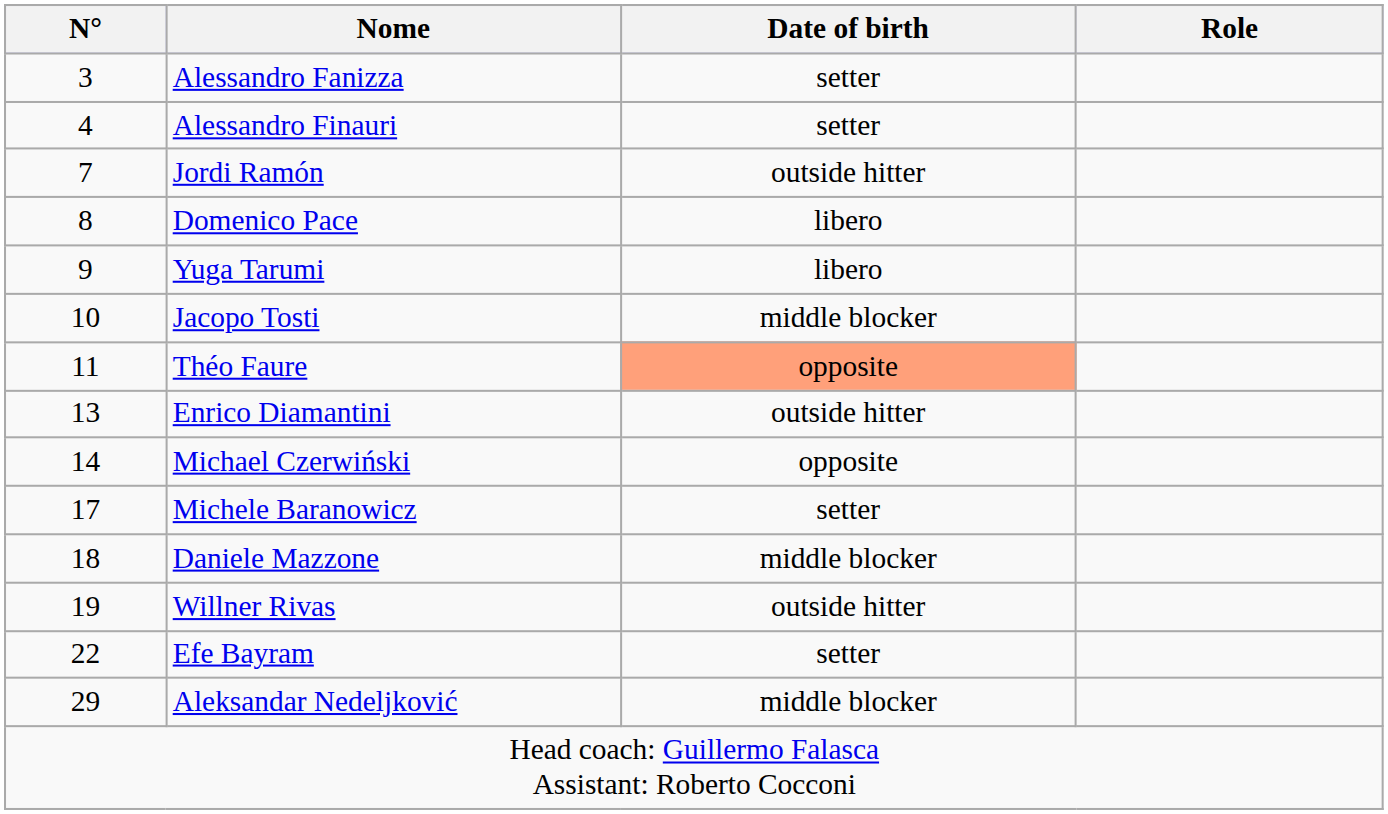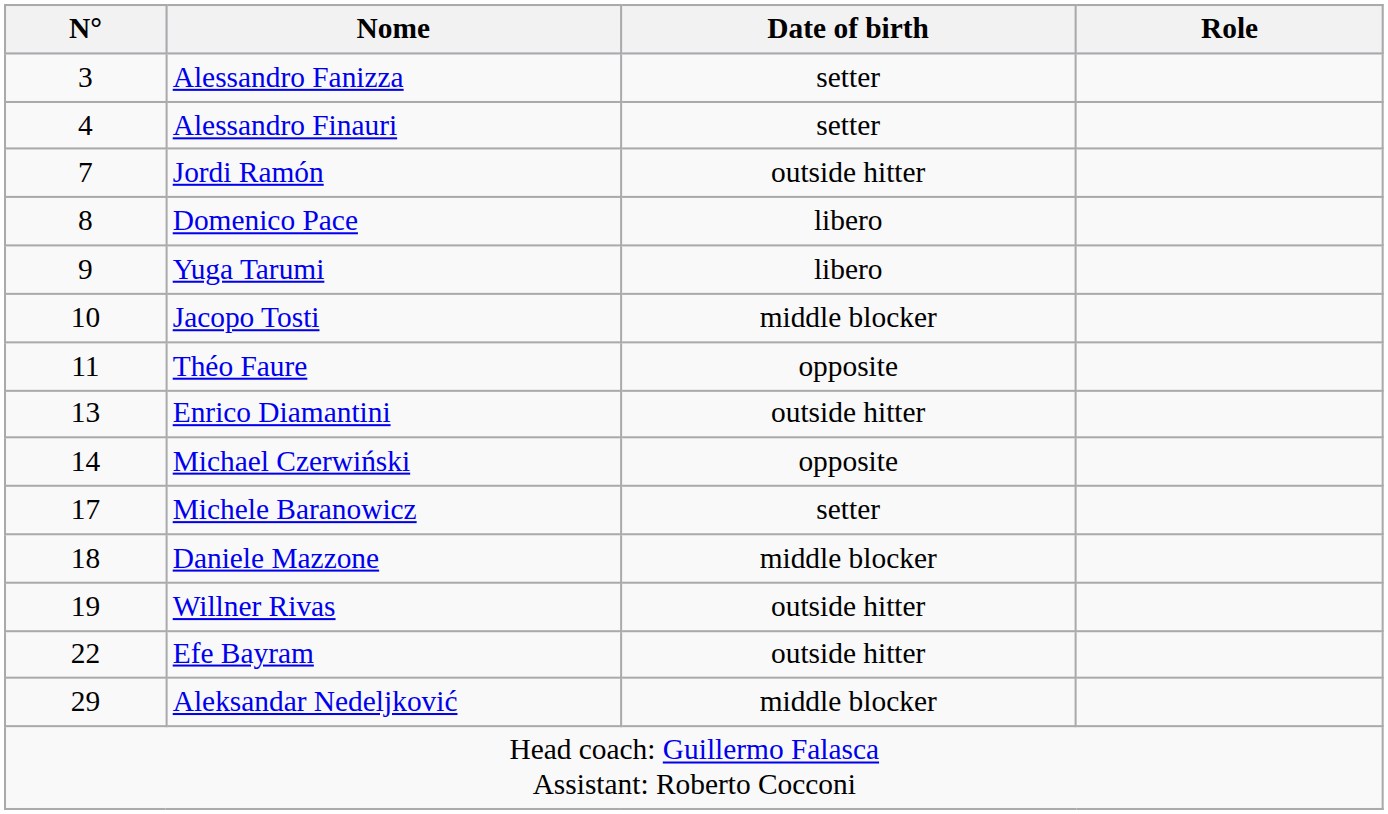 <table class="wikitable" style="font-size:91%; text-align:center;">
 <tr bgcolor=#AAAAFF>
 <th style="width:5em;">N°</th>
 <th style="width:15em;">Nome</th>
 <th style="width:15em;">Date of birth</th>
 <th style="width:10em;">Role</th>
 </tr>
 <tr>
 <td>3</td>
 <td align=left>  <a href='#'>Alessandro Fanizza</a></td>
 <td>setter</td>
 <td></td>
 </tr>
 <tr>
 <td>4</td>
 <td align=left> <a href='#'>Alessandro Finauri</a></td>
 <td>setter</td>
 <td></td>
 </tr>
 <tr>
 <td>7</td>
 <td align=left>  <a href='#'>Jordi Ramón</a></td>
 <td>outside hitter</td>
 <td></td>
 </tr>
 <tr>
 <td>8</td>
 <td align=left> <a href='#'>Domenico Pace</a></td>
 <td>libero</td>
 <td></td>
 </tr>
 <tr>
 <td>9</td>
 <td align=left> <a href='#'>Yuga Tarumi</a></td>
 <td>libero</td>
 <td></td>
 </tr>
 <tr>
 <td>10</td>
 <td align=left> <a href='#'>Jacopo Tosti</a></td>
 <td>middle blocker</td>
 <td></td>
 </tr>
 <tr>
 <td>11</td>
 <td align=left>  <a href='#'>Théo Faure</a></td>
-<td style="background: lightsalmon;">opposite</td>
+<td>opposite</td>
 <td></td>
 </tr>
 <tr>
 <td>13</td>
 <td align=left> <a href='#'>Enrico Diamantini</a></td>
 <td>outside hitter</td>
 <td></td>
 </tr>
 <tr>
 <td>14</td>
 <td align=left> <a href='#'>Michael Czerwiński</a></td>
 <td>opposite</td>
 <td></td>
 </tr>
 <tr>
 <td>17</td>
 <td align=left> <a href='#'>Michele Baranowicz</a></td>
 <td>setter</td>
 <td></td>
 </tr>
 <tr>
 <td>18</td>
 <td align=left> <a href='#'>Daniele Mazzone</a></td>
 <td>middle blocker</td>
 <td></td>
 </tr>
 <tr>
 <td>19</td>
 <td align=left>  <a href='#'>Willner Rivas</a></td>
 <td>outside hitter</td>
 <td></td>
 </tr>
 <tr>
 <td>22</td>
 <td align=left> <a href='#'>Efe Bayram</a></td>
-<td>setter</td>
+<td>outside hitter</td>
 <td></td>
 </tr>
 <tr>
 <td>29</td>
 <td align=left> <a href='#'>Aleksandar Nedeljković</a></td>
 <td>middle blocker</td>
 <td></td>
 </tr>
 <tr>
 <td colspan=4>Head coach:  <a href='#'>Guillermo Falasca</a><br>Assistant:  Roberto Cocconi</td>
 </tr>
 </table>
